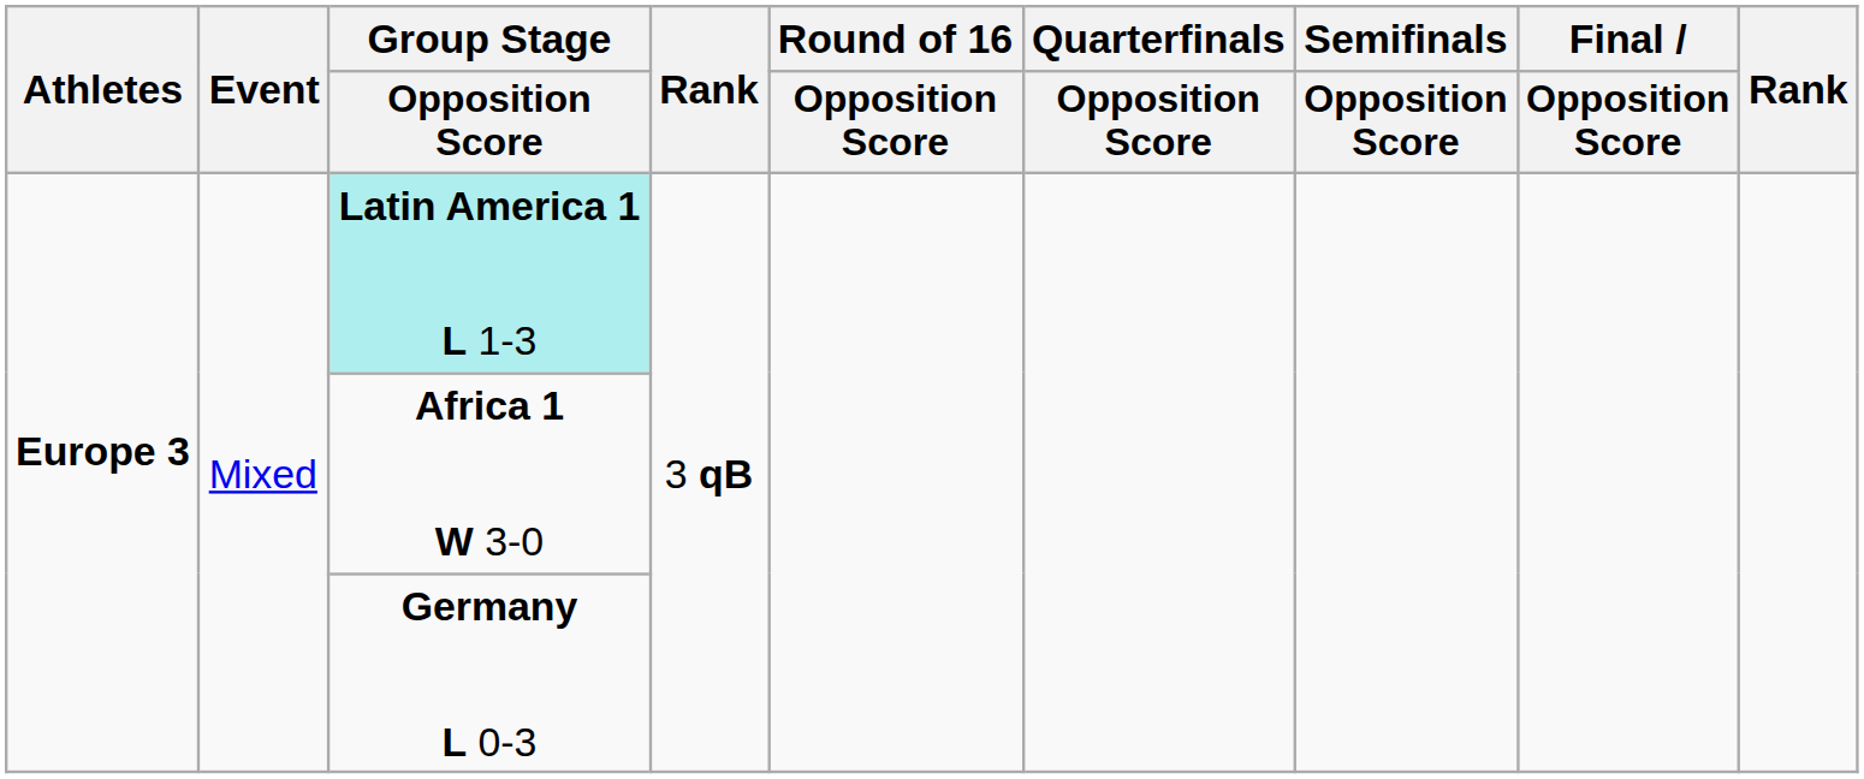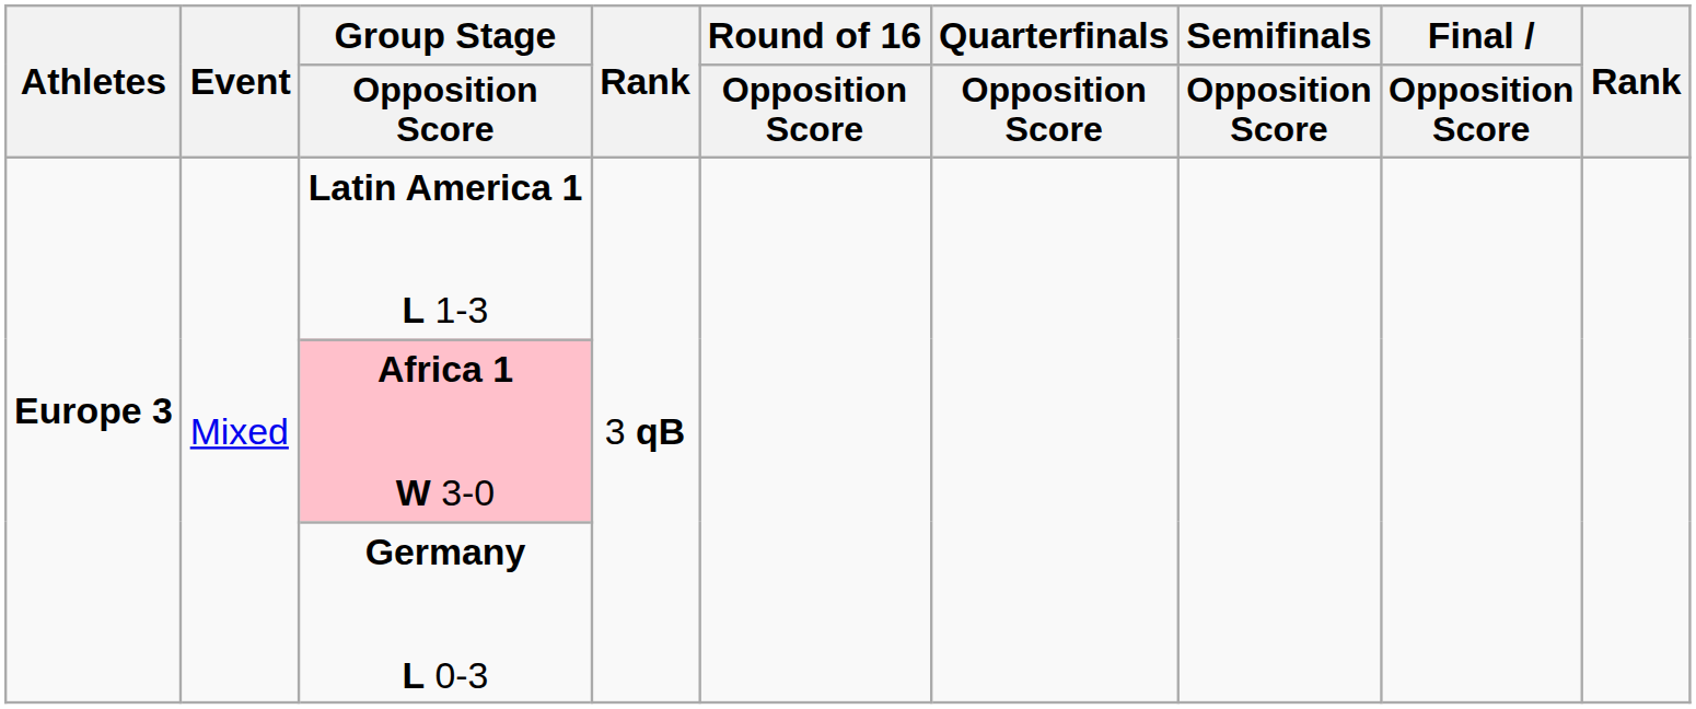 <table class=wikitable style="font-size:90%">
 <tr>
 <th rowspan="2">Athletes</th>
 <th rowspan="2">Event</th>
 <th>Group Stage</th>
 <th rowspan="2">Rank</th>
 <th>Round of 16</th>
 <th>Quarterfinals</th>
 <th>Semifinals</th>
 <th>Final / </th>
 <th rowspan=2>Rank</th>
 </tr>
 <tr style="font-size:95%">
 <th>Opposition<br>Score</th>
 <th>Opposition<br>Score</th>
 <th>Opposition<br>Score</th>
 <th>Opposition<br>Score</th>
 <th>Opposition<br>Score</th>
 </tr>
 <tr align=center>
 <td align=left rowspan=3><strong>Europe 3</strong><br><br></td>
 <td align=left rowspan=3><a href='#'>Mixed</a></td>
-<td style="background: paleturquoise;"><strong>Latin America 1</strong><br><br><br><strong>L</strong> 1-3</td>
+<td><strong>Latin America 1</strong><br><br><br><strong>L</strong> 1-3</td>
 <td rowspan=3>3 <strong>qB</strong></td>
 <td rowspan=3></td>
 <td rowspan=3></td>
 <td rowspan=3></td>
 <td rowspan=3></td>
 <td rowspan=3></td>
 </tr>
 <tr align=center>
-<td><strong>Africa 1</strong><br><br><br><strong>W</strong> 3-0</td>
+<td style="background: pink;"><strong>Africa 1</strong><br><br><br><strong>W</strong> 3-0</td>
 </tr>
 <tr align=center>
 <td><strong>Germany</strong><br><br><br><strong>L</strong> 0-3</td>
 </tr>
 </table>
